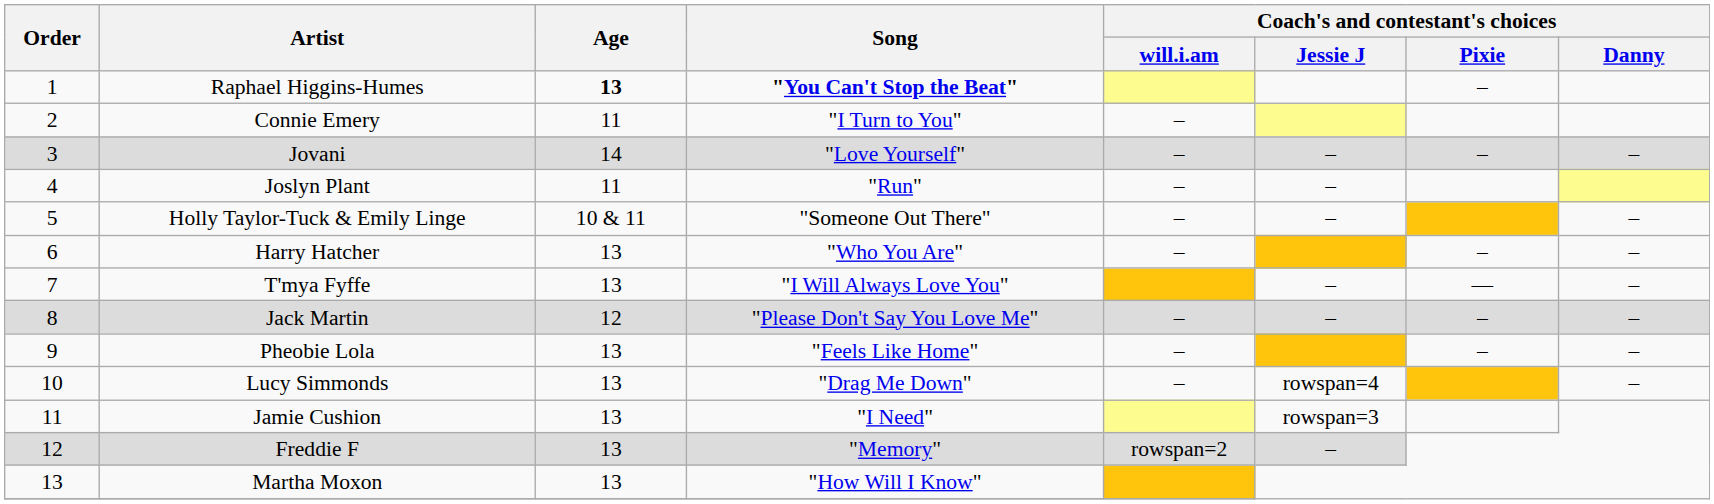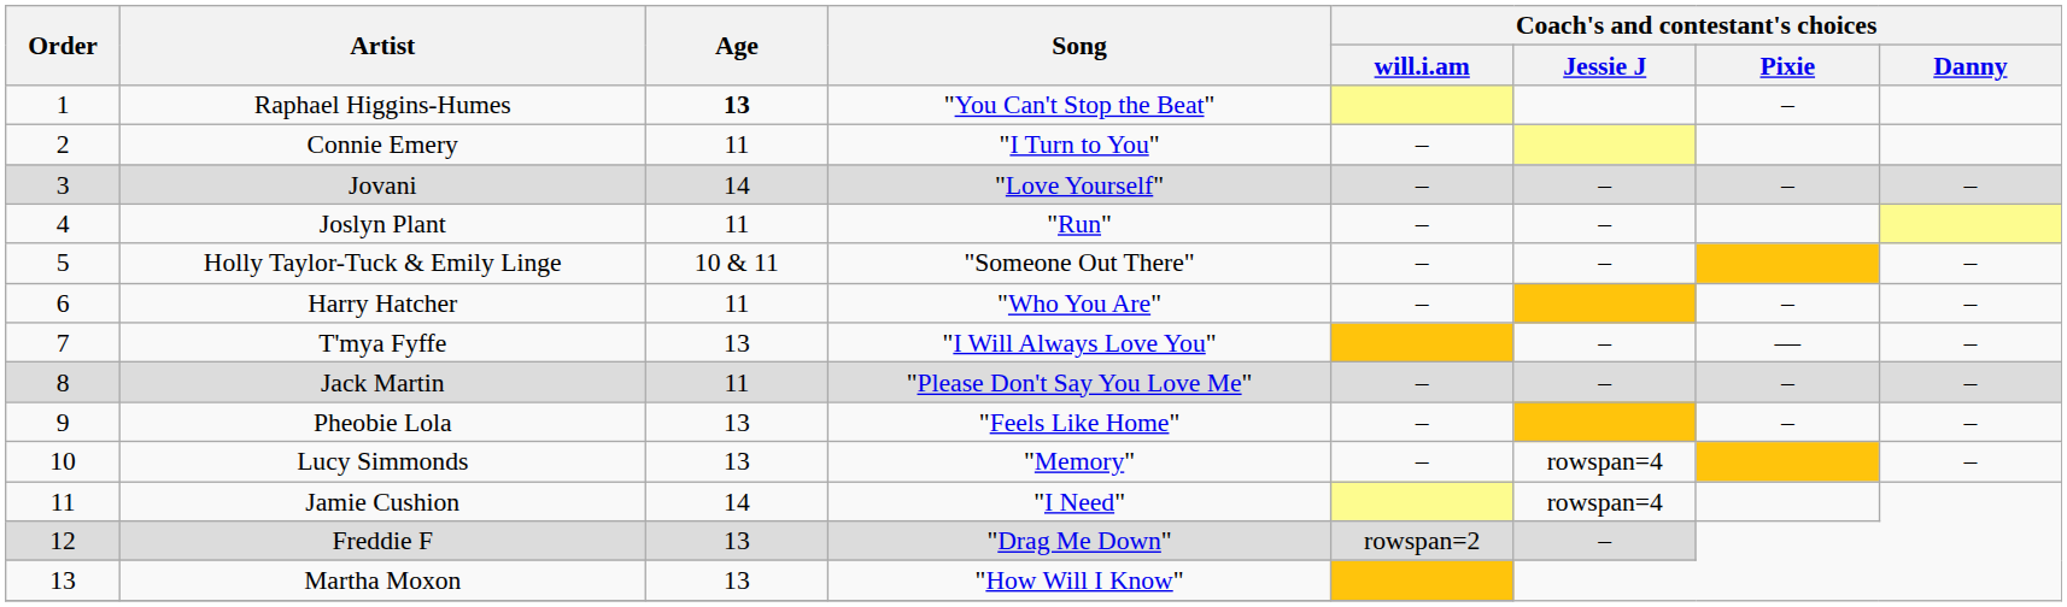 <table class="wikitable" style="text-align:center; line-height:17px; font-size:100%; width:100%;">
 <tr>
 <th width="5%" rowspan="2" scope="col">Order</th>
 <th scope="col" rowspan="2" width="23%">Artist</th>
 <th width="8%" rowspan="2" scope="col">Age</th>
 <th scope="col" rowspan="2" width="22%">Song</th>
 <th scope="col" colspan="4" width="24%">Coach's and contestant's choices</th>
 </tr>
 <tr>
 <th width="8%"><a href='#'>will.i.am</a></th>
 <th width="8%"><a href='#'>Jessie J</a></th>
 <th width="8%"><a href='#'>Pixie</a></th>
 <th width="8%"><a href='#'>Danny</a></th>
 </tr>
 <tr>
 <td scope="row">1</td>
 <td>Raphael Higgins-Humes</td>
 <td><strong>13</strong></td>
-<td><strong>"<a href='#'>You Can't Stop the Beat</a>"</strong></td>
+<td>"<a href='#'>You Can't Stop the Beat</a>"</td>
 <td style="background:#fdfc8f;"><strong></strong></td>
 <td><strong></strong></td>
 <td>–</td>
 <td><strong></strong></td>
 </tr>
 <tr>
 <td scope="row">2</td>
 <td>Connie Emery</td>
 <td>11</td>
 <td>"<a href='#'>I Turn to You</a>"</td>
 <td>–</td>
 <td style="background:#fdfc8f;"><strong></strong></td>
 <td><strong></strong></td>
 <td><strong></strong></td>
 </tr>
 <tr bgcolor="#dcdcdc">
 <td scope="row">3</td>
 <td>Jovani</td>
 <td>14</td>
 <td>"<a href='#'>Love Yourself</a>"</td>
 <td>–</td>
 <td>–</td>
 <td>–</td>
 <td>–</td>
 </tr>
 <tr>
 <td scope="row">4</td>
 <td>Joslyn Plant</td>
 <td>11</td>
 <td>"<a href='#'>Run</a>"</td>
 <td>–</td>
 <td>–</td>
 <td><strong></strong></td>
 <td style="background:#fdfc8f;"><strong></strong></td>
 </tr>
 <tr>
 <td scope="row">5</td>
 <td>Holly Taylor-Tuck & Emily Linge</td>
 <td>10 & 11</td>
 <td>"Someone Out There"</td>
 <td>–</td>
 <td>–</td>
 <td style="background:#FFC40C;"><strong></strong></td>
 <td>–</td>
 </tr>
 <tr>
 <td scope="row">6</td>
 <td>Harry Hatcher</td>
-<td>13</td>
+<td>11</td>
 <td>"<a href='#'>Who You Are</a>"</td>
 <td>–</td>
 <td style="background:#FFC40C;"><strong></strong></td>
 <td>–</td>
 <td>–</td>
 </tr>
 <tr>
 <td scope="row">7</td>
 <td>T'mya Fyffe</td>
 <td>13</td>
 <td>"<a href='#'>I Will Always Love You</a>"</td>
 <td style="background:#FFC40C;"><strong></strong></td>
 <td>–</td>
 <td>—</td>
 <td>–</td>
 </tr>
 <tr bgcolor="#dcdcdc">
 <td scope="row">8</td>
 <td>Jack Martin</td>
-<td>12</td>
+<td>11</td>
 <td>"<a href='#'>Please Don't Say You Love Me</a>"</td>
 <td>–</td>
 <td>–</td>
 <td>–</td>
 <td>–</td>
 </tr>
 <tr>
 <td scope="row">9</td>
 <td>Pheobie Lola</td>
 <td>13</td>
 <td>"<a href='#'>Feels Like Home</a>"</td>
 <td>–</td>
 <td style="background:#FFC40C;"><strong></strong></td>
 <td>–</td>
 <td>–</td>
 </tr>
 <tr>
 <td scope="row">10</td>
 <td>Lucy Simmonds</td>
 <td>13</td>
-<td>"<a href='#'>Drag Me Down</a>"</td>
+<td>"<a href='#'>Memory</a>"</td>
 <td>–</td>
 <td>rowspan=4 </td>
 <td style="background:#FFC40C;"><strong></strong></td>
 <td>–</td>
 </tr>
 <tr>
 <td scope="row">11</td>
 <td>Jamie Cushion</td>
-<td>13</td>
+<td>14</td>
 <td>"<a href='#'>I Need</a>"</td>
 <td style="background:#fdfc8f;"><strong></strong></td>
-<td>rowspan=3 </td>
+<td>rowspan=4 </td>
 <td><strong></strong></td>
 </tr>
 <tr bgcolor="#dcdcdc">
 <td scope="row">12</td>
 <td>Freddie F</td>
 <td>13</td>
-<td>"<a href='#'>Memory</a>"</td>
+<td>"<a href='#'>Drag Me Down</a>"</td>
 <td>rowspan=2 </td>
 <td>–</td>
 </tr>
 <tr>
 <td scope="row">13</td>
 <td>Martha Moxon</td>
 <td>13</td>
 <td>"<a href='#'>How Will I Know</a>"</td>
 <td style="background:#FFC40C;"><strong></strong></td>
 </tr>
 <tr>
 </tr>
 </table>
